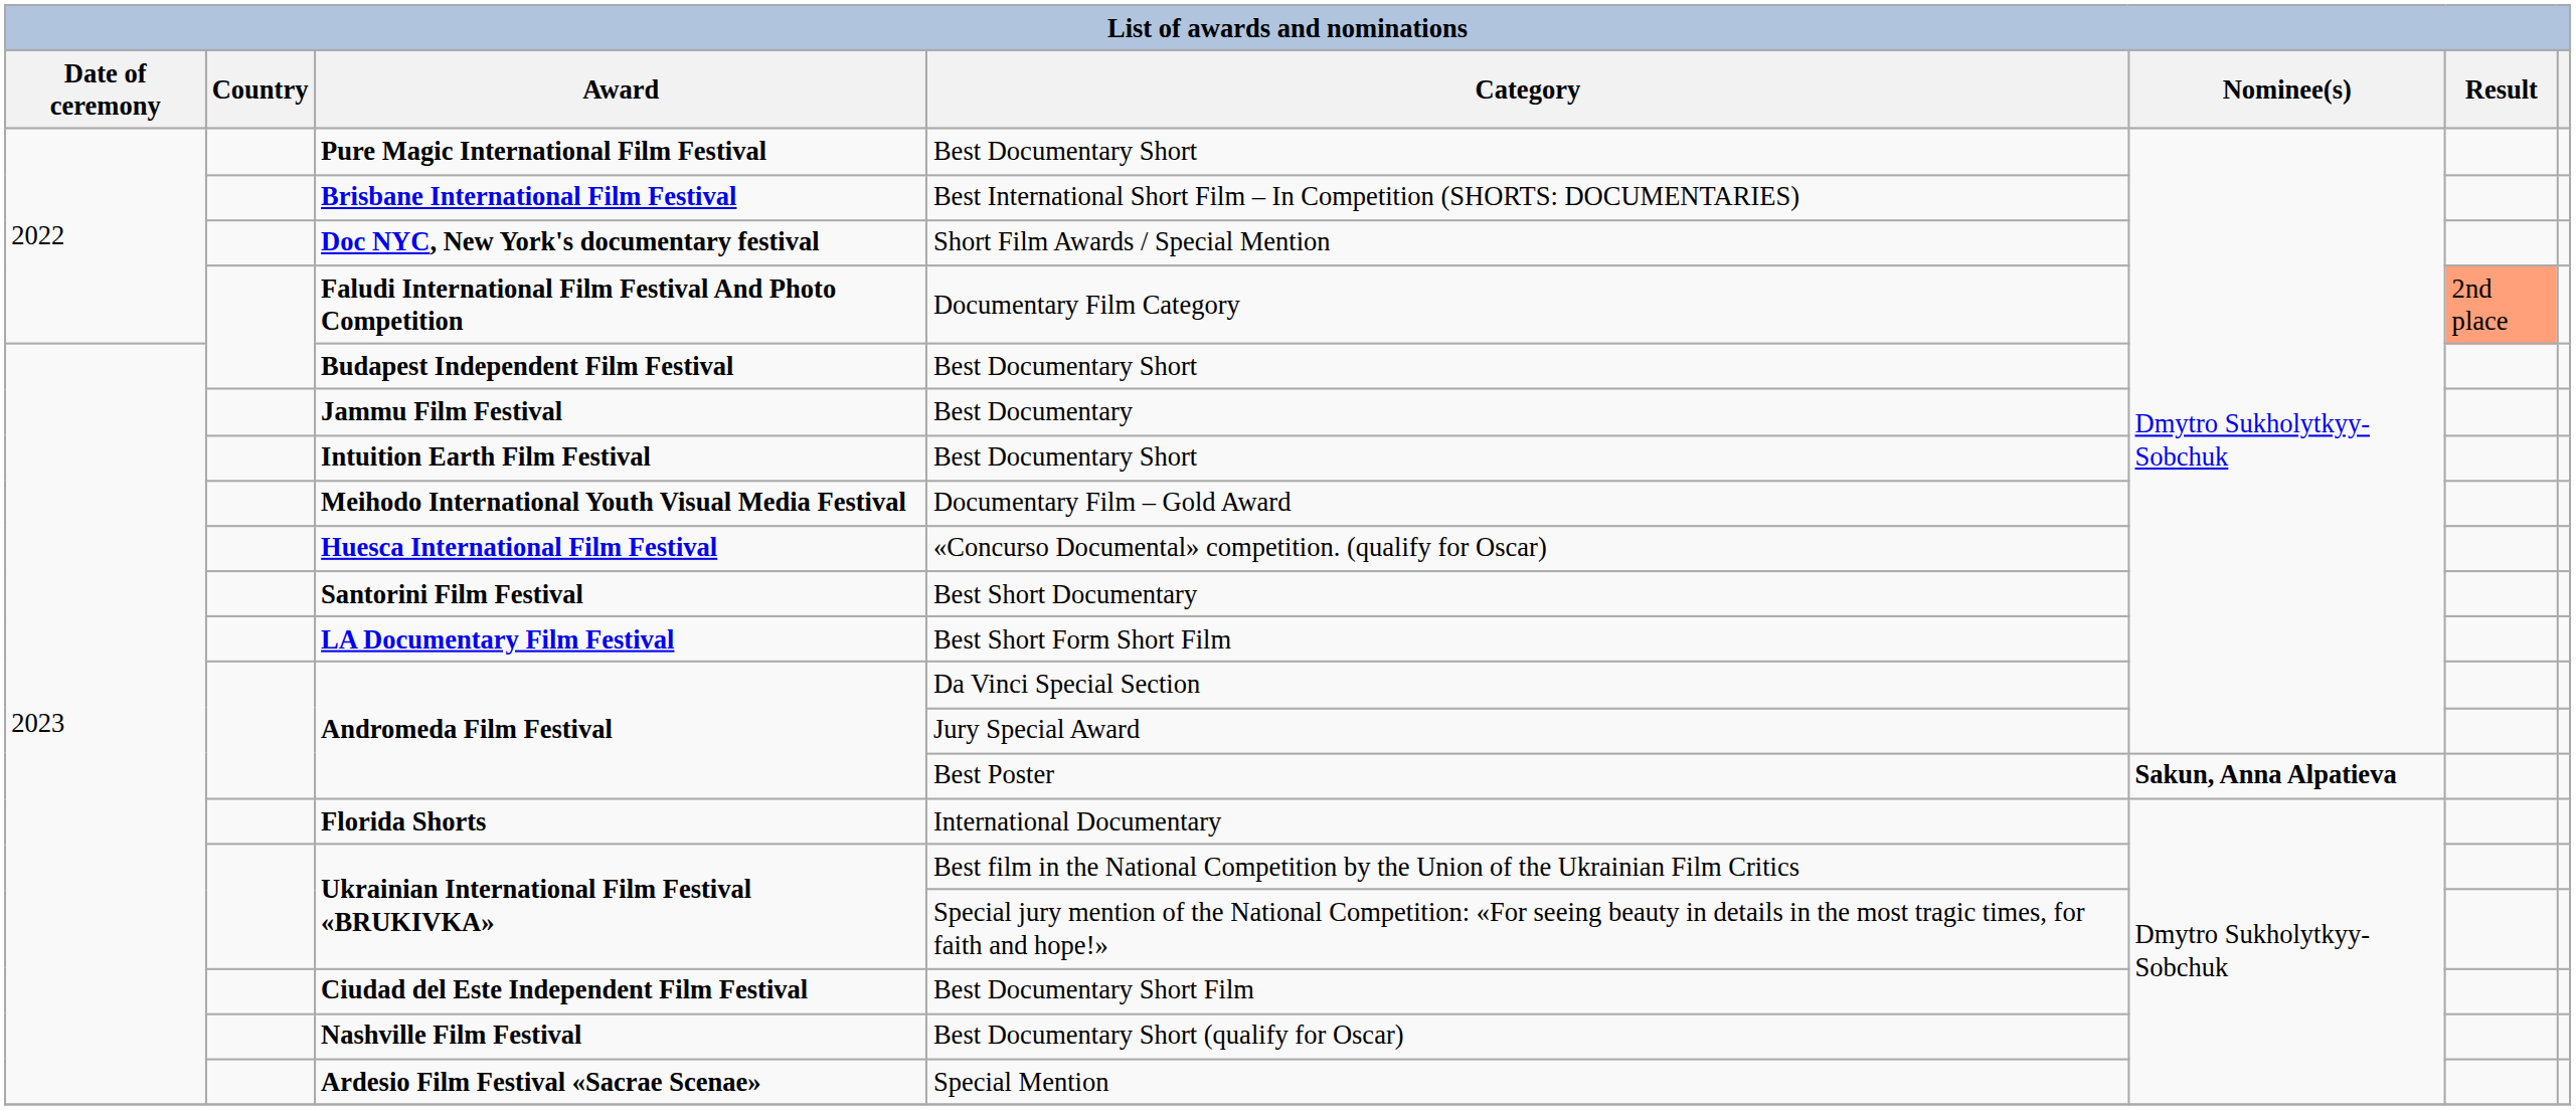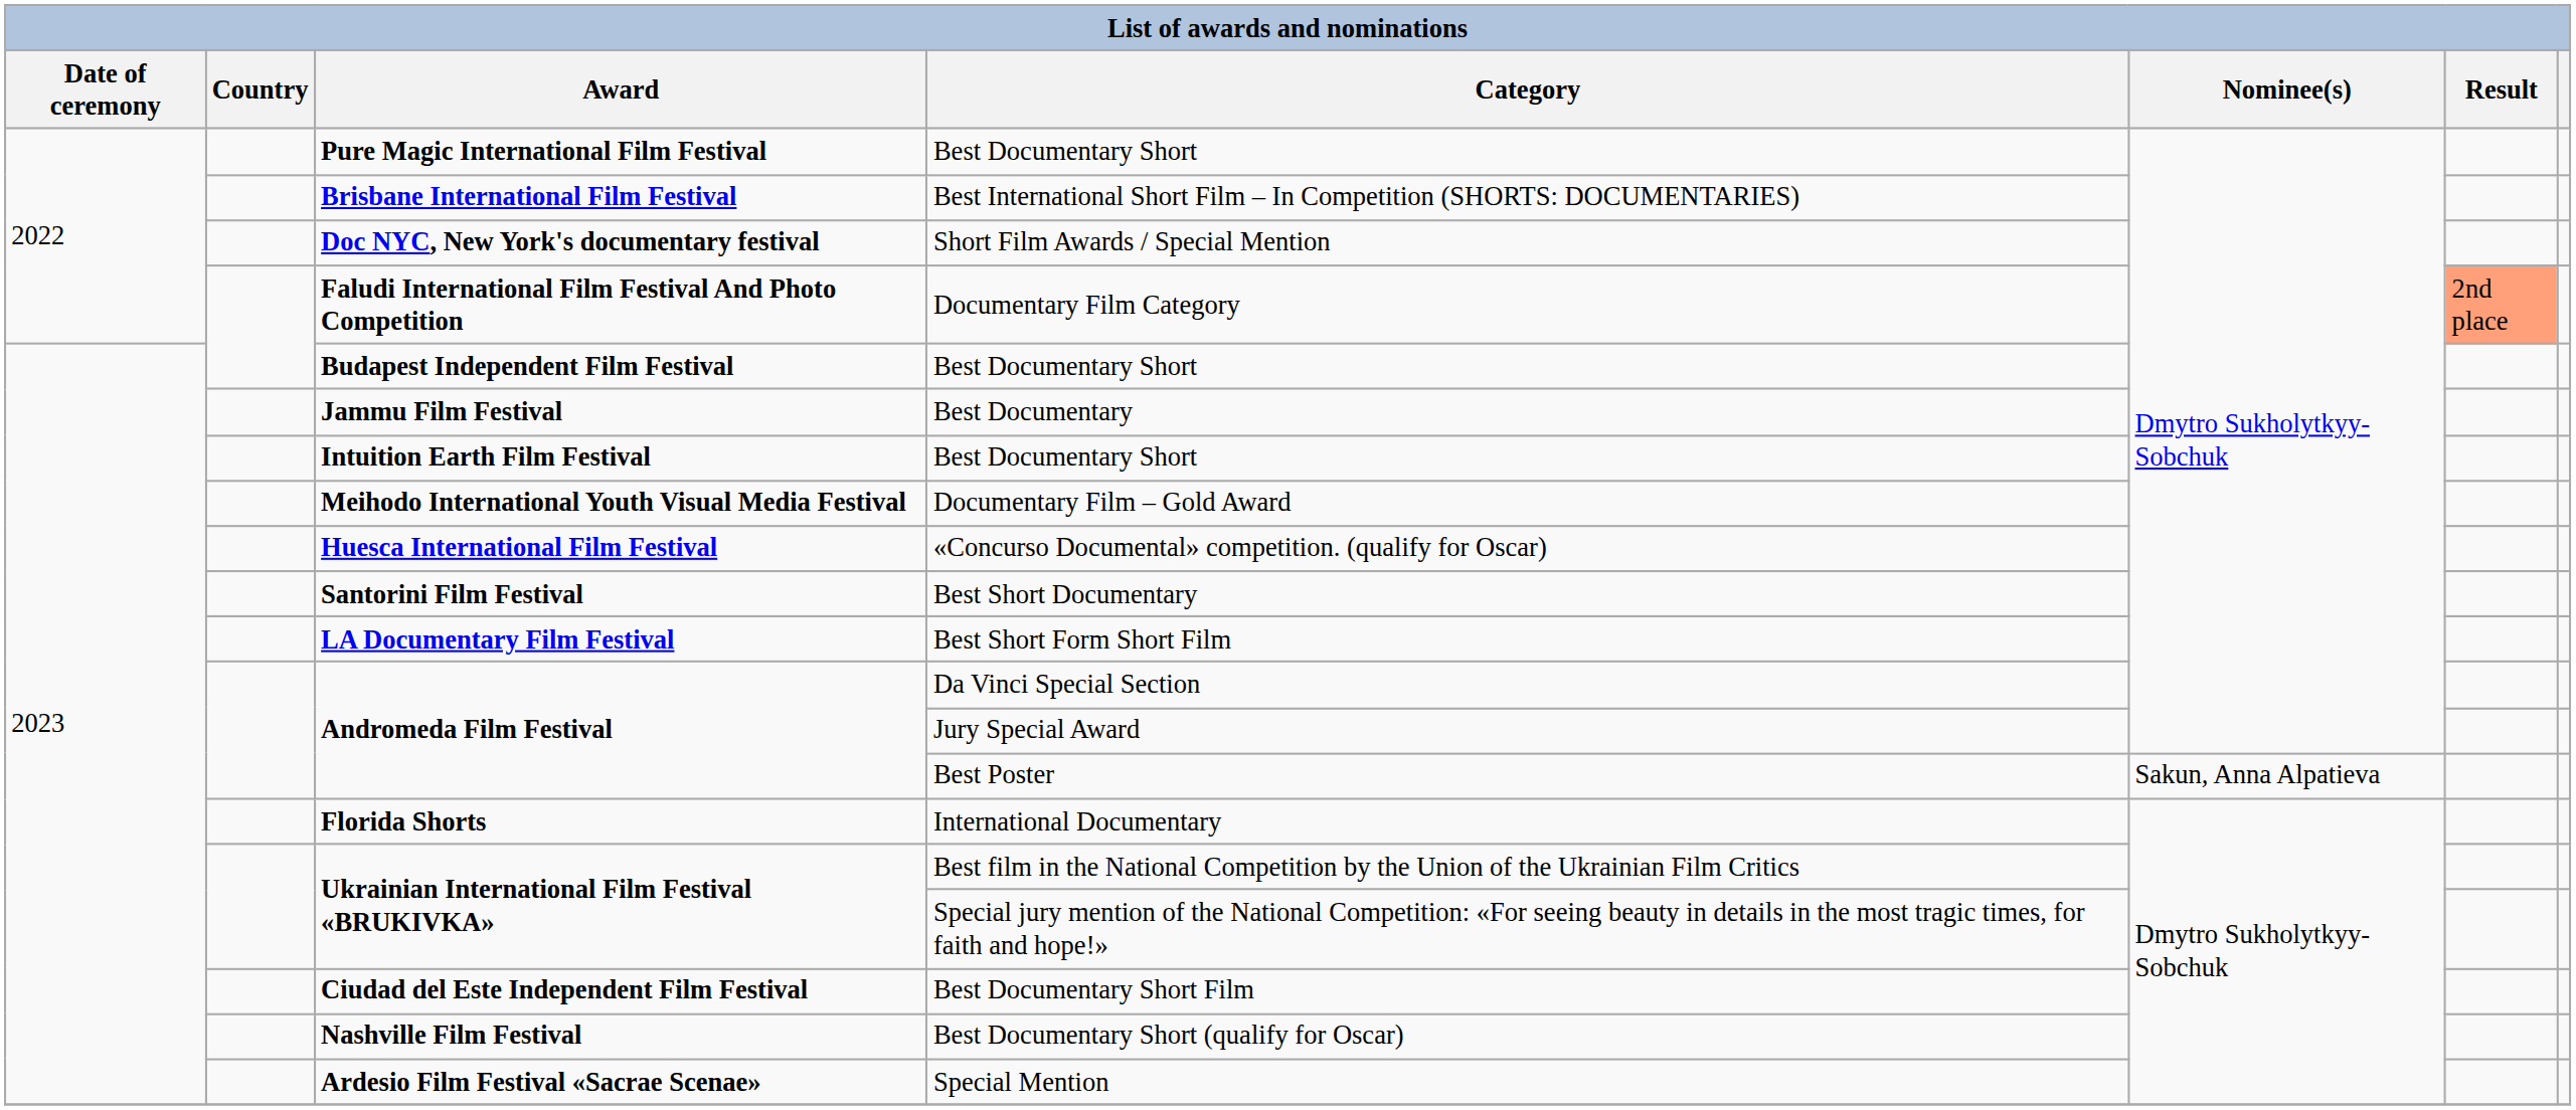 <table class="wikitable sortable" style="font-size:small;">
 <tr style="background:#ccc; text-align:center;">
 <th colspan="7" style="background: LightSteelBlue;">List of awards and nominations</th>
 </tr>
 <tr style="background:#ccc; text-align:center;">
 <th>Date of ceremony</th>
 <th>Country</th>
 <th>Award</th>
 <th>Category</th>
 <th>Nominee(s)</th>
 <th>Result</th>
 <th class="unsortable"></th>
 </tr>
 <tr>
 <td rowspan=4>2022</td>
 <td rowspan=1></td>
 <td rowspan=1><strong>Pure Magic International Film Festival</strong></td>
 <td rowspan=1>Best Documentary Short</td>
 <td rowspan=13><a href='#'>Dmytro Sukholytkyy-Sobchuk</a></td>
 <td></td>
 <td></td>
 </tr>
 <tr>
 <td rowspan=1></td>
 <td rowspan=1><strong><a href='#'>Brisbane International Film Festival</a></strong></td>
 <td rowspan=1>Best International Short Film – In Competition (SHORTS: DOCUMENTARIES)</td>
 <td></td>
 <td></td>
 </tr>
 <tr>
 <td rowspan=1></td>
 <td rowspan=1><strong><a href='#'>Doc NYC</a>, New York's documentary festival</strong></td>
 <td rowspan=1>Short Film Awards / Special Mention</td>
 <td></td>
 <td></td>
 </tr>
 <tr>
 <td rowspan=2></td>
 <td rowspan=1><strong>Faludi International Film Festival And Photo Competition</strong></td>
 <td rowspan=1>Documentary Film Category</td>
 <td style="background: lightsalmon;">2nd place</td>
 <td></td>
 </tr>
 <tr>
 <td rowspan=16>2023</td>
 <td rowspan=1><strong>Budapest Independent Film Festival</strong></td>
 <td rowspan=1>Best Documentary Short</td>
 <td></td>
 <td></td>
 </tr>
 <tr>
 <td rowspan=1></td>
 <td rowspan=1><strong>Jammu Film Festival</strong></td>
 <td rowspan=1>Best Documentary</td>
 <td></td>
 <td></td>
 </tr>
 <tr>
 <td rowspan=1></td>
 <td rowspan=1><strong>Intuition Earth Film Festival</strong></td>
 <td rowspan=1>Best Documentary Short</td>
 <td></td>
 <td></td>
 </tr>
 <tr>
 <td rowspan=1></td>
 <td rowspan=1><strong>Meihodo International Youth Visual Media Festival</strong></td>
 <td rowspan=1>Documentary Film – Gold Award</td>
 <td></td>
 <td></td>
 </tr>
 <tr>
 <td rowspan=1></td>
 <td rowspan=1><strong><a href='#'>Huesca International Film Festival</a></strong></td>
 <td rowspan=1>«Concurso Documental» competition. (qualify for Oscar)</td>
 <td></td>
 <td></td>
 </tr>
 <tr>
 <td rowspan=1></td>
 <td rowspan=1><strong>Santorini Film Festival</strong></td>
 <td rowspan=1>Best Short Documentary</td>
 <td></td>
 <td></td>
 </tr>
 <tr>
 <td rowspan=1></td>
 <td rowspan=1><strong><a href='#'>LA Documentary Film Festival</a></strong></td>
 <td rowspan=1>Best Short Form Short Film</td>
 <td></td>
 <td></td>
 </tr>
 <tr>
 <td rowspan=3></td>
 <td rowspan=3><strong>Andromeda Film Festival</strong></td>
 <td rowspan=1>Da Vinci Special Section</td>
 <td></td>
 <td></td>
 </tr>
 <tr>
 <td rowspan=1>Jury Special Award</td>
 <td></td>
 <td></td>
 </tr>
 <tr>
 <td rowspan=1>Best Poster</td>
-<td><strong>Sakun, Anna Alpatieva</strong></td>
+<td>Sakun, Anna Alpatieva</td>
 <td></td>
 <td></td>
 </tr>
 <tr>
 <td rowspan=1></td>
 <td rowspan=1><strong>Florida Shorts</strong></td>
 <td rowspan=1>International Documentary</td>
 <td rowspan=6>Dmytro Sukholytkyy-Sobchuk</td>
 <td></td>
 <td></td>
 </tr>
 <tr>
 <td rowspan=2></td>
 <td rowspan=2><strong>Ukrainian International Film Festival «BRUKIVKA»</strong></td>
 <td rowspan=1>Best film in the National Competition by the Union of the Ukrainian Film Critics</td>
 <td></td>
 <td></td>
 </tr>
 <tr>
 <td rowspan=1>Special jury mention of the National Competition: «For seeing beauty in details in the most tragic times, for faith and hope!»</td>
 <td></td>
 <td></td>
 </tr>
 <tr>
 <td rowspan=1></td>
 <td rowspan=1><strong>Ciudad del Este Independent Film Festival</strong></td>
 <td rowspan=1>Best Documentary Short Film</td>
 <td></td>
 <td></td>
 </tr>
 <tr>
 <td rowspan=1></td>
 <td rowspan=1><strong>Nashville Film Festival</strong></td>
 <td rowspan=1>Best Documentary Short (qualify for Oscar)</td>
 <td></td>
 <td></td>
 </tr>
 <tr>
 <td rowspan=1></td>
 <td rowspan=1><strong>Ardesio Film Festival «Sacrae Scenae»</strong></td>
 <td rowspan=1>Special Mention</td>
 <td></td>
 <td></td>
 </tr>
 <tr>
 </tr>
 </table>
